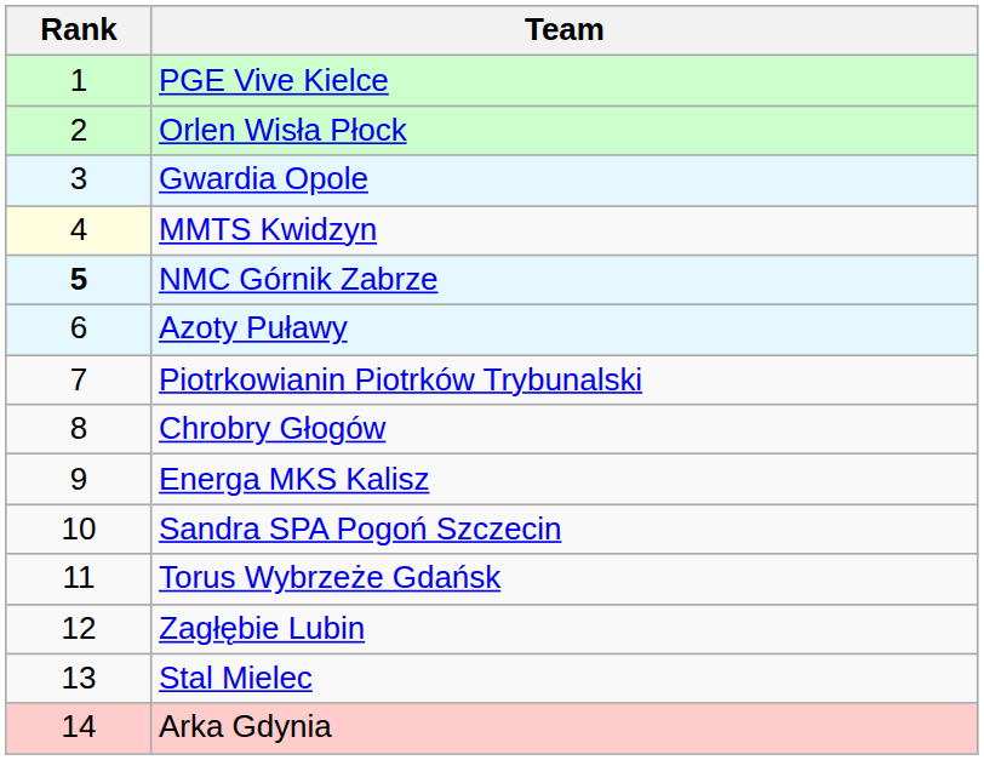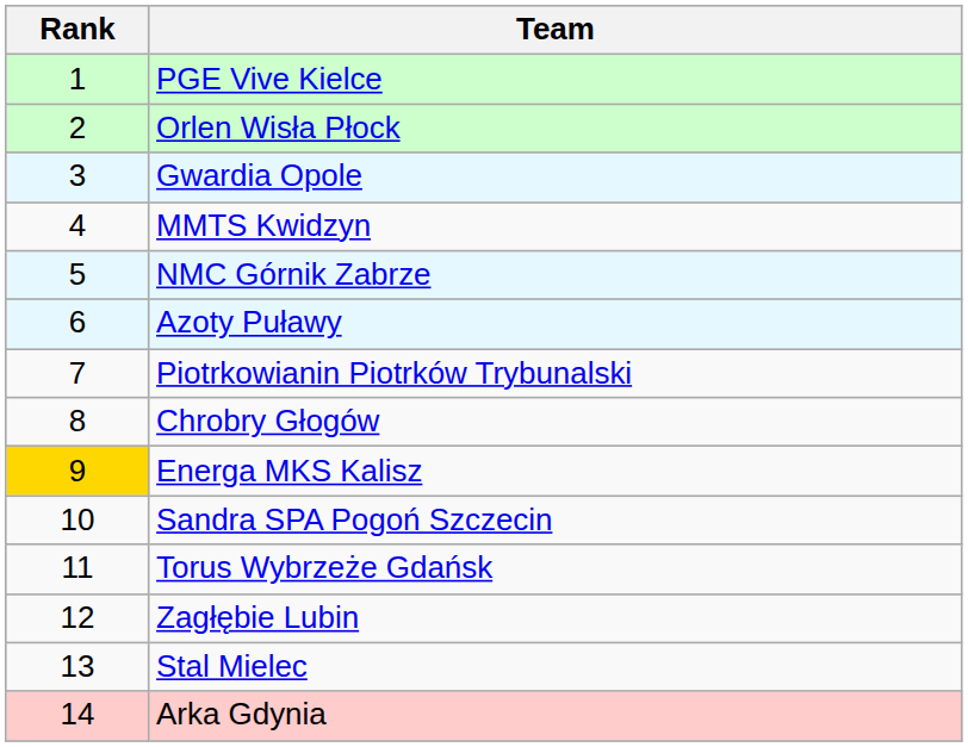 <table class="wikitable" style="white-space: nowrap; width:25%">
 <tr>
 <th width=15%>Rank</th>
 <th>Team</th>
 </tr>
 <tr bgcolor=#CCFFCC>
 <td style="text-align:center;">1</td>
 <td><a href='#'>PGE Vive Kielce</a></td>
 </tr>
 <tr bgcolor=#CCFFCC>
 <td style="text-align:center;">2</td>
 <td><a href='#'>Orlen Wisła Płock</a></td>
 </tr>
 <tr bgcolor=#E6F8FF>
 <td style="text-align:center;">3</td>
 <td><a href='#'>Gwardia Opole</a></td>
 </tr>
 <tr>
-<td style="background: lightyellow; text-align:center;">4</td>
+<td style="text-align:center;">4</td>
 <td><a href='#'>MMTS Kwidzyn</a></td>
 </tr>
 <tr bgcolor=#E6F8FF>
-<td style="text-align:center;"><strong>5</strong></td>
+<td style="text-align:center;">5</td>
 <td><a href='#'>NMC Górnik Zabrze</a></td>
 </tr>
 <tr bgcolor=#E6F8FF>
 <td style="text-align:center;">6</td>
 <td><a href='#'>Azoty Puławy</a></td>
 </tr>
 <tr>
 <td style="text-align:center;">7</td>
 <td><a href='#'>Piotrkowianin Piotrków Trybunalski</a></td>
 </tr>
 <tr>
 <td style="text-align:center;">8</td>
 <td><a href='#'>Chrobry Głogów</a></td>
 </tr>
 <tr>
-<td style="text-align:center;">9</td>
+<td style="background: gold; text-align:center;">9</td>
 <td><a href='#'>Energa MKS Kalisz</a></td>
 </tr>
 <tr>
 <td style="text-align:center;">10</td>
 <td><a href='#'>Sandra SPA Pogoń Szczecin</a></td>
 </tr>
 <tr>
 <td style="text-align:center;">11</td>
 <td><a href='#'>Torus Wybrzeże Gdańsk</a></td>
 </tr>
 <tr>
 <td style="text-align:center;">12</td>
 <td><a href='#'>Zagłębie Lubin</a></td>
 </tr>
 <tr>
 <td style="text-align:center;">13</td>
 <td><a href='#'>Stal Mielec</a></td>
 </tr>
 <tr bgcolor=#FFCCCC>
 <td style="text-align:center;">14</td>
 <td>Arka Gdynia</td>
 </tr>
 </table>
